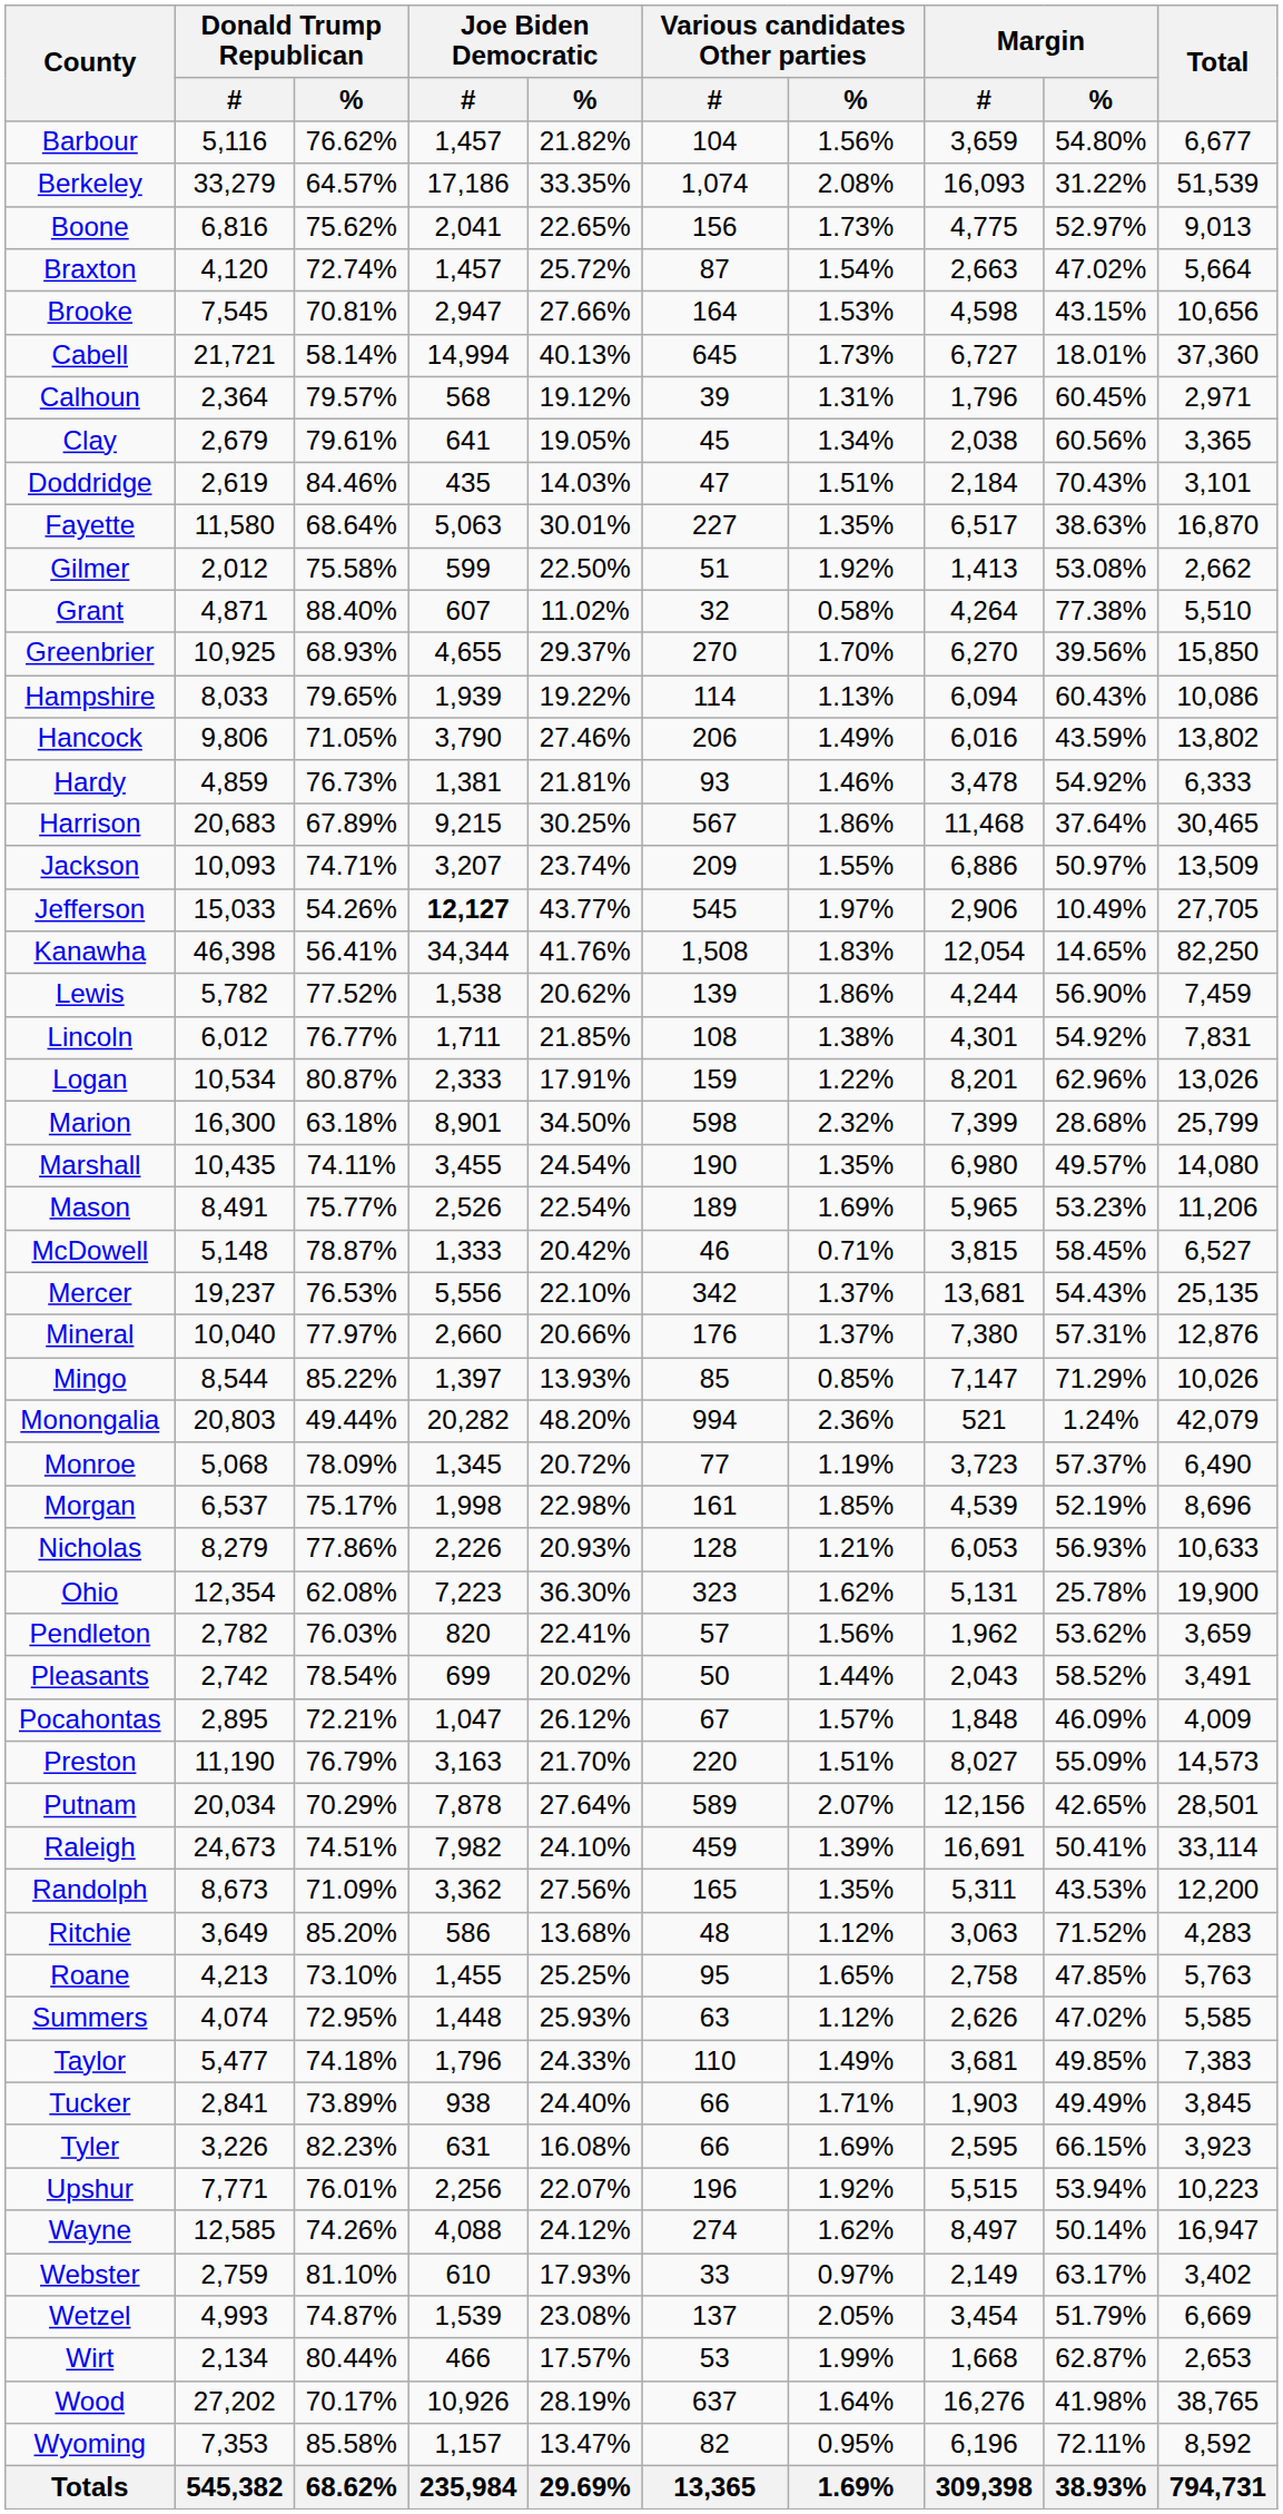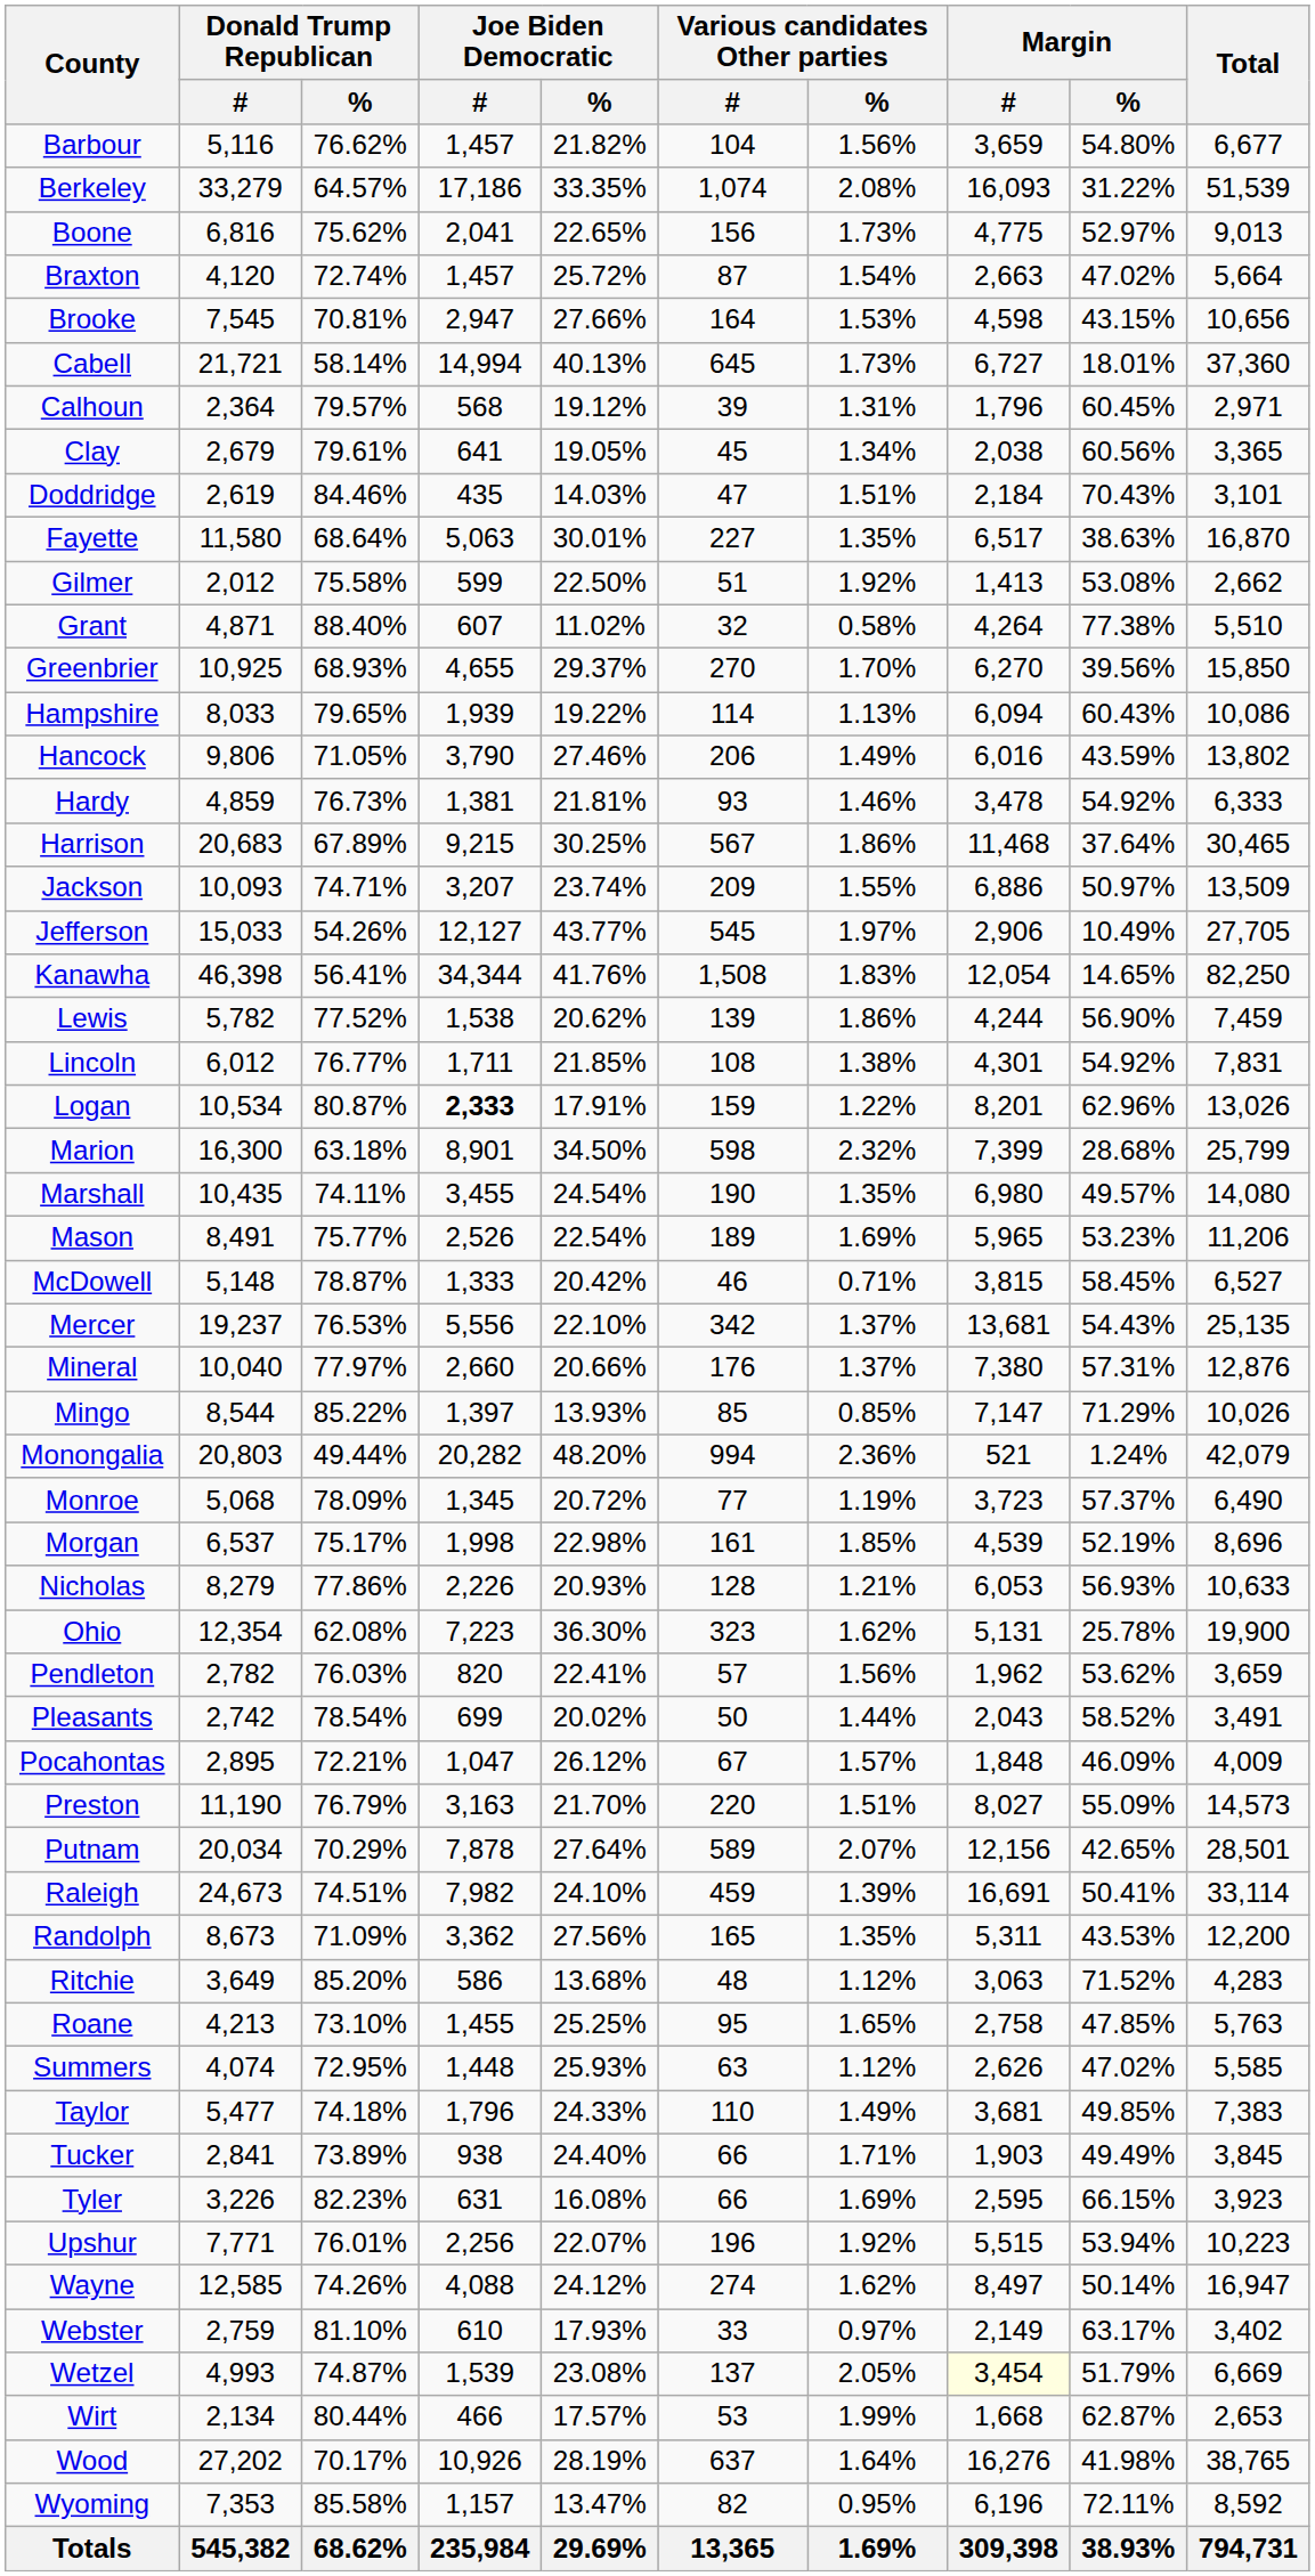 <table width="60%" class="wikitable sortable">
 <tr>
 <th rowspan="2">County</th>
 <th colspan="2">Donald Trump<br>Republican</th>
 <th colspan="2">Joe Biden<br>Democratic</th>
 <th colspan="2">Various candidates<br>Other parties</th>
 <th colspan="2">Margin</th>
 <th rowspan="2">Total</th>
 </tr>
 <tr>
 <th style="text-align:center;" data-sort-type="number">#</th>
 <th style="text-align:center;" data-sort-type="number">%</th>
 <th style="text-align:center;" data-sort-type="number">#</th>
 <th style="text-align:center;" data-sort-type="number">%</th>
 <th style="text-align:center;" data-sort-type="number">#</th>
 <th style="text-align:center;" data-sort-type="number">%</th>
 <th style="text-align:center;" data-sort-type="number">#</th>
 <th style="text-align:center;" data-sort-type="number">%</th>
 </tr>
 <tr style="text-align:center;">
 <td><a href='#'>Barbour</a></td>
 <td>5,116</td>
 <td>76.62%</td>
 <td>1,457</td>
 <td>21.82%</td>
 <td>104</td>
 <td>1.56%</td>
 <td>3,659</td>
 <td>54.80%</td>
 <td>6,677</td>
 </tr>
 <tr style="text-align:center;">
 <td><a href='#'>Berkeley</a></td>
 <td>33,279</td>
 <td>64.57%</td>
 <td>17,186</td>
 <td>33.35%</td>
 <td>1,074</td>
 <td>2.08%</td>
 <td>16,093</td>
 <td>31.22%</td>
 <td>51,539</td>
 </tr>
 <tr style="text-align:center;">
 <td><a href='#'>Boone</a></td>
 <td>6,816</td>
 <td>75.62%</td>
 <td>2,041</td>
 <td>22.65%</td>
 <td>156</td>
 <td>1.73%</td>
 <td>4,775</td>
 <td>52.97%</td>
 <td>9,013</td>
 </tr>
 <tr style="text-align:center;">
 <td><a href='#'>Braxton</a></td>
 <td>4,120</td>
 <td>72.74%</td>
 <td>1,457</td>
 <td>25.72%</td>
 <td>87</td>
 <td>1.54%</td>
 <td>2,663</td>
 <td>47.02%</td>
 <td>5,664</td>
 </tr>
 <tr style="text-align:center;">
 <td><a href='#'>Brooke</a></td>
 <td>7,545</td>
 <td>70.81%</td>
 <td>2,947</td>
 <td>27.66%</td>
 <td>164</td>
 <td>1.53%</td>
 <td>4,598</td>
 <td>43.15%</td>
 <td>10,656</td>
 </tr>
 <tr style="text-align:center;">
 <td><a href='#'>Cabell</a></td>
 <td>21,721</td>
 <td>58.14%</td>
 <td>14,994</td>
 <td>40.13%</td>
 <td>645</td>
 <td>1.73%</td>
 <td>6,727</td>
 <td>18.01%</td>
 <td>37,360</td>
 </tr>
 <tr style="text-align:center;">
 <td><a href='#'>Calhoun</a></td>
 <td>2,364</td>
 <td>79.57%</td>
 <td>568</td>
 <td>19.12%</td>
 <td>39</td>
 <td>1.31%</td>
 <td>1,796</td>
 <td>60.45%</td>
 <td>2,971</td>
 </tr>
 <tr style="text-align:center;">
 <td><a href='#'>Clay</a></td>
 <td>2,679</td>
 <td>79.61%</td>
 <td>641</td>
 <td>19.05%</td>
 <td>45</td>
 <td>1.34%</td>
 <td>2,038</td>
 <td>60.56%</td>
 <td>3,365</td>
 </tr>
 <tr style="text-align:center;">
 <td><a href='#'>Doddridge</a></td>
 <td>2,619</td>
 <td>84.46%</td>
 <td>435</td>
 <td>14.03%</td>
 <td>47</td>
 <td>1.51%</td>
 <td>2,184</td>
 <td>70.43%</td>
 <td>3,101</td>
 </tr>
 <tr style="text-align:center;">
 <td><a href='#'>Fayette</a></td>
 <td>11,580</td>
 <td>68.64%</td>
 <td>5,063</td>
 <td>30.01%</td>
 <td>227</td>
 <td>1.35%</td>
 <td>6,517</td>
 <td>38.63%</td>
 <td>16,870</td>
 </tr>
 <tr style="text-align:center;">
 <td><a href='#'>Gilmer</a></td>
 <td>2,012</td>
 <td>75.58%</td>
 <td>599</td>
 <td>22.50%</td>
 <td>51</td>
 <td>1.92%</td>
 <td>1,413</td>
 <td>53.08%</td>
 <td>2,662</td>
 </tr>
 <tr style="text-align:center;">
 <td><a href='#'>Grant</a></td>
 <td>4,871</td>
 <td>88.40%</td>
 <td>607</td>
 <td>11.02%</td>
 <td>32</td>
 <td>0.58%</td>
 <td>4,264</td>
 <td>77.38%</td>
 <td>5,510</td>
 </tr>
 <tr style="text-align:center;">
 <td><a href='#'>Greenbrier</a></td>
 <td>10,925</td>
 <td>68.93%</td>
 <td>4,655</td>
 <td>29.37%</td>
 <td>270</td>
 <td>1.70%</td>
 <td>6,270</td>
 <td>39.56%</td>
 <td>15,850</td>
 </tr>
 <tr style="text-align:center;">
 <td><a href='#'>Hampshire</a></td>
 <td>8,033</td>
 <td>79.65%</td>
 <td>1,939</td>
 <td>19.22%</td>
 <td>114</td>
 <td>1.13%</td>
 <td>6,094</td>
 <td>60.43%</td>
 <td>10,086</td>
 </tr>
 <tr style="text-align:center;">
 <td><a href='#'>Hancock</a></td>
 <td>9,806</td>
 <td>71.05%</td>
 <td>3,790</td>
 <td>27.46%</td>
 <td>206</td>
 <td>1.49%</td>
 <td>6,016</td>
 <td>43.59%</td>
 <td>13,802</td>
 </tr>
 <tr style="text-align:center;">
 <td><a href='#'>Hardy</a></td>
 <td>4,859</td>
 <td>76.73%</td>
 <td>1,381</td>
 <td>21.81%</td>
 <td>93</td>
 <td>1.46%</td>
 <td>3,478</td>
 <td>54.92%</td>
 <td>6,333</td>
 </tr>
 <tr style="text-align:center;">
 <td><a href='#'>Harrison</a></td>
 <td>20,683</td>
 <td>67.89%</td>
 <td>9,215</td>
 <td>30.25%</td>
 <td>567</td>
 <td>1.86%</td>
 <td>11,468</td>
 <td>37.64%</td>
 <td>30,465</td>
 </tr>
 <tr style="text-align:center;">
 <td><a href='#'>Jackson</a></td>
 <td>10,093</td>
 <td>74.71%</td>
 <td>3,207</td>
 <td>23.74%</td>
 <td>209</td>
 <td>1.55%</td>
 <td>6,886</td>
 <td>50.97%</td>
 <td>13,509</td>
 </tr>
 <tr style="text-align:center;">
 <td><a href='#'>Jefferson</a></td>
 <td>15,033</td>
 <td>54.26%</td>
-<td><strong>12,127</strong></td>
+<td>12,127</td>
 <td>43.77%</td>
 <td>545</td>
 <td>1.97%</td>
 <td>2,906</td>
 <td>10.49%</td>
 <td>27,705</td>
 </tr>
 <tr style="text-align:center;">
 <td><a href='#'>Kanawha</a></td>
 <td>46,398</td>
 <td>56.41%</td>
 <td>34,344</td>
 <td>41.76%</td>
 <td>1,508</td>
 <td>1.83%</td>
 <td>12,054</td>
 <td>14.65%</td>
 <td>82,250</td>
 </tr>
 <tr style="text-align:center;">
 <td><a href='#'>Lewis</a></td>
 <td>5,782</td>
 <td>77.52%</td>
 <td>1,538</td>
 <td>20.62%</td>
 <td>139</td>
 <td>1.86%</td>
 <td>4,244</td>
 <td>56.90%</td>
 <td>7,459</td>
 </tr>
 <tr style="text-align:center;">
 <td><a href='#'>Lincoln</a></td>
 <td>6,012</td>
 <td>76.77%</td>
 <td>1,711</td>
 <td>21.85%</td>
 <td>108</td>
 <td>1.38%</td>
 <td>4,301</td>
 <td>54.92%</td>
 <td>7,831</td>
 </tr>
 <tr style="text-align:center;">
 <td><a href='#'>Logan</a></td>
 <td>10,534</td>
 <td>80.87%</td>
-<td>2,333</td>
+<td><strong>2,333</strong></td>
 <td>17.91%</td>
 <td>159</td>
 <td>1.22%</td>
 <td>8,201</td>
 <td>62.96%</td>
 <td>13,026</td>
 </tr>
 <tr style="text-align:center;">
 <td><a href='#'>Marion</a></td>
 <td>16,300</td>
 <td>63.18%</td>
 <td>8,901</td>
 <td>34.50%</td>
 <td>598</td>
 <td>2.32%</td>
 <td>7,399</td>
 <td>28.68%</td>
 <td>25,799</td>
 </tr>
 <tr style="text-align:center;">
 <td><a href='#'>Marshall</a></td>
 <td>10,435</td>
 <td>74.11%</td>
 <td>3,455</td>
 <td>24.54%</td>
 <td>190</td>
 <td>1.35%</td>
 <td>6,980</td>
 <td>49.57%</td>
 <td>14,080</td>
 </tr>
 <tr style="text-align:center;">
 <td><a href='#'>Mason</a></td>
 <td>8,491</td>
 <td>75.77%</td>
 <td>2,526</td>
 <td>22.54%</td>
 <td>189</td>
 <td>1.69%</td>
 <td>5,965</td>
 <td>53.23%</td>
 <td>11,206</td>
 </tr>
 <tr style="text-align:center;">
 <td><a href='#'>McDowell</a></td>
 <td>5,148</td>
 <td>78.87%</td>
 <td>1,333</td>
 <td>20.42%</td>
 <td>46</td>
 <td>0.71%</td>
 <td>3,815</td>
 <td>58.45%</td>
 <td>6,527</td>
 </tr>
 <tr style="text-align:center;">
 <td><a href='#'>Mercer</a></td>
 <td>19,237</td>
 <td>76.53%</td>
 <td>5,556</td>
 <td>22.10%</td>
 <td>342</td>
 <td>1.37%</td>
 <td>13,681</td>
 <td>54.43%</td>
 <td>25,135</td>
 </tr>
 <tr style="text-align:center;">
 <td><a href='#'>Mineral</a></td>
 <td>10,040</td>
 <td>77.97%</td>
 <td>2,660</td>
 <td>20.66%</td>
 <td>176</td>
 <td>1.37%</td>
 <td>7,380</td>
 <td>57.31%</td>
 <td>12,876</td>
 </tr>
 <tr style="text-align:center;">
 <td><a href='#'>Mingo</a></td>
 <td>8,544</td>
 <td>85.22%</td>
 <td>1,397</td>
 <td>13.93%</td>
 <td>85</td>
 <td>0.85%</td>
 <td>7,147</td>
 <td>71.29%</td>
 <td>10,026</td>
 </tr>
 <tr style="text-align:center;">
 <td><a href='#'>Monongalia</a></td>
 <td>20,803</td>
 <td>49.44%</td>
 <td>20,282</td>
 <td>48.20%</td>
 <td>994</td>
 <td>2.36%</td>
 <td>521</td>
 <td>1.24%</td>
 <td>42,079</td>
 </tr>
 <tr style="text-align:center;">
 <td><a href='#'>Monroe</a></td>
 <td>5,068</td>
 <td>78.09%</td>
 <td>1,345</td>
 <td>20.72%</td>
 <td>77</td>
 <td>1.19%</td>
 <td>3,723</td>
 <td>57.37%</td>
 <td>6,490</td>
 </tr>
 <tr style="text-align:center;">
 <td><a href='#'>Morgan</a></td>
 <td>6,537</td>
 <td>75.17%</td>
 <td>1,998</td>
 <td>22.98%</td>
 <td>161</td>
 <td>1.85%</td>
 <td>4,539</td>
 <td>52.19%</td>
 <td>8,696</td>
 </tr>
 <tr style="text-align:center;">
 <td><a href='#'>Nicholas</a></td>
 <td>8,279</td>
 <td>77.86%</td>
 <td>2,226</td>
 <td>20.93%</td>
 <td>128</td>
 <td>1.21%</td>
 <td>6,053</td>
 <td>56.93%</td>
 <td>10,633</td>
 </tr>
 <tr style="text-align:center;">
 <td><a href='#'>Ohio</a></td>
 <td>12,354</td>
 <td>62.08%</td>
 <td>7,223</td>
 <td>36.30%</td>
 <td>323</td>
 <td>1.62%</td>
 <td>5,131</td>
 <td>25.78%</td>
 <td>19,900</td>
 </tr>
 <tr style="text-align:center;">
 <td><a href='#'>Pendleton</a></td>
 <td>2,782</td>
 <td>76.03%</td>
 <td>820</td>
 <td>22.41%</td>
 <td>57</td>
 <td>1.56%</td>
 <td>1,962</td>
 <td>53.62%</td>
 <td>3,659</td>
 </tr>
 <tr style="text-align:center;">
 <td><a href='#'>Pleasants</a></td>
 <td>2,742</td>
 <td>78.54%</td>
 <td>699</td>
 <td>20.02%</td>
 <td>50</td>
 <td>1.44%</td>
 <td>2,043</td>
 <td>58.52%</td>
 <td>3,491</td>
 </tr>
 <tr style="text-align:center;">
 <td><a href='#'>Pocahontas</a></td>
 <td>2,895</td>
 <td>72.21%</td>
 <td>1,047</td>
 <td>26.12%</td>
 <td>67</td>
 <td>1.57%</td>
 <td>1,848</td>
 <td>46.09%</td>
 <td>4,009</td>
 </tr>
 <tr style="text-align:center;">
 <td><a href='#'>Preston</a></td>
 <td>11,190</td>
 <td>76.79%</td>
 <td>3,163</td>
 <td>21.70%</td>
 <td>220</td>
 <td>1.51%</td>
 <td>8,027</td>
 <td>55.09%</td>
 <td>14,573</td>
 </tr>
 <tr style="text-align:center;">
 <td><a href='#'>Putnam</a></td>
 <td>20,034</td>
 <td>70.29%</td>
 <td>7,878</td>
 <td>27.64%</td>
 <td>589</td>
 <td>2.07%</td>
 <td>12,156</td>
 <td>42.65%</td>
 <td>28,501</td>
 </tr>
 <tr style="text-align:center;">
 <td><a href='#'>Raleigh</a></td>
 <td>24,673</td>
 <td>74.51%</td>
 <td>7,982</td>
 <td>24.10%</td>
 <td>459</td>
 <td>1.39%</td>
 <td>16,691</td>
 <td>50.41%</td>
 <td>33,114</td>
 </tr>
 <tr style="text-align:center;">
 <td><a href='#'>Randolph</a></td>
 <td>8,673</td>
 <td>71.09%</td>
 <td>3,362</td>
 <td>27.56%</td>
 <td>165</td>
 <td>1.35%</td>
 <td>5,311</td>
 <td>43.53%</td>
 <td>12,200</td>
 </tr>
 <tr style="text-align:center;">
 <td><a href='#'>Ritchie</a></td>
 <td>3,649</td>
 <td>85.20%</td>
 <td>586</td>
 <td>13.68%</td>
 <td>48</td>
 <td>1.12%</td>
 <td>3,063</td>
 <td>71.52%</td>
 <td>4,283</td>
 </tr>
 <tr style="text-align:center;">
 <td><a href='#'>Roane</a></td>
 <td>4,213</td>
 <td>73.10%</td>
 <td>1,455</td>
 <td>25.25%</td>
 <td>95</td>
 <td>1.65%</td>
 <td>2,758</td>
 <td>47.85%</td>
 <td>5,763</td>
 </tr>
 <tr style="text-align:center;">
 <td><a href='#'>Summers</a></td>
 <td>4,074</td>
 <td>72.95%</td>
 <td>1,448</td>
 <td>25.93%</td>
 <td>63</td>
 <td>1.12%</td>
 <td>2,626</td>
 <td>47.02%</td>
 <td>5,585</td>
 </tr>
 <tr style="text-align:center;">
 <td><a href='#'>Taylor</a></td>
 <td>5,477</td>
 <td>74.18%</td>
 <td>1,796</td>
 <td>24.33%</td>
 <td>110</td>
 <td>1.49%</td>
 <td>3,681</td>
 <td>49.85%</td>
 <td>7,383</td>
 </tr>
 <tr style="text-align:center;">
 <td><a href='#'>Tucker</a></td>
 <td>2,841</td>
 <td>73.89%</td>
 <td>938</td>
 <td>24.40%</td>
 <td>66</td>
 <td>1.71%</td>
 <td>1,903</td>
 <td>49.49%</td>
 <td>3,845</td>
 </tr>
 <tr style="text-align:center;">
 <td><a href='#'>Tyler</a></td>
 <td>3,226</td>
 <td>82.23%</td>
 <td>631</td>
 <td>16.08%</td>
 <td>66</td>
 <td>1.69%</td>
 <td>2,595</td>
 <td>66.15%</td>
 <td>3,923</td>
 </tr>
 <tr style="text-align:center;">
 <td><a href='#'>Upshur</a></td>
 <td>7,771</td>
 <td>76.01%</td>
 <td>2,256</td>
 <td>22.07%</td>
 <td>196</td>
 <td>1.92%</td>
 <td>5,515</td>
 <td>53.94%</td>
 <td>10,223</td>
 </tr>
 <tr style="text-align:center;">
 <td><a href='#'>Wayne</a></td>
 <td>12,585</td>
 <td>74.26%</td>
 <td>4,088</td>
 <td>24.12%</td>
 <td>274</td>
 <td>1.62%</td>
 <td>8,497</td>
 <td>50.14%</td>
 <td>16,947</td>
 </tr>
 <tr style="text-align:center;">
 <td><a href='#'>Webster</a></td>
 <td>2,759</td>
 <td>81.10%</td>
 <td>610</td>
 <td>17.93%</td>
 <td>33</td>
 <td>0.97%</td>
 <td>2,149</td>
 <td>63.17%</td>
 <td>3,402</td>
 </tr>
 <tr style="text-align:center;">
 <td><a href='#'>Wetzel</a></td>
 <td>4,993</td>
 <td>74.87%</td>
 <td>1,539</td>
 <td>23.08%</td>
 <td>137</td>
 <td>2.05%</td>
-<td>3,454</td>
+<td style="background: lightyellow;">3,454</td>
 <td>51.79%</td>
 <td>6,669</td>
 </tr>
 <tr style="text-align:center;">
 <td><a href='#'>Wirt</a></td>
 <td>2,134</td>
 <td>80.44%</td>
 <td>466</td>
 <td>17.57%</td>
 <td>53</td>
 <td>1.99%</td>
 <td>1,668</td>
 <td>62.87%</td>
 <td>2,653</td>
 </tr>
 <tr style="text-align:center;">
 <td><a href='#'>Wood</a></td>
 <td>27,202</td>
 <td>70.17%</td>
 <td>10,926</td>
 <td>28.19%</td>
 <td>637</td>
 <td>1.64%</td>
 <td>16,276</td>
 <td>41.98%</td>
 <td>38,765</td>
 </tr>
 <tr style="text-align:center;">
 <td><a href='#'>Wyoming</a></td>
 <td>7,353</td>
 <td>85.58%</td>
 <td>1,157</td>
 <td>13.47%</td>
 <td>82</td>
 <td>0.95%</td>
 <td>6,196</td>
 <td>72.11%</td>
 <td>8,592</td>
 </tr>
 <tr>
 <th>Totals</th>
 <th>545,382</th>
 <th>68.62%</th>
 <th>235,984</th>
 <th>29.69%</th>
 <th>13,365</th>
 <th>1.69%</th>
 <th>309,398</th>
 <th>38.93%</th>
 <th>794,731</th>
 </tr>
 </table>
